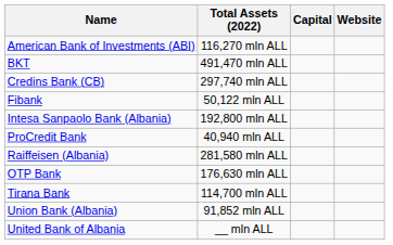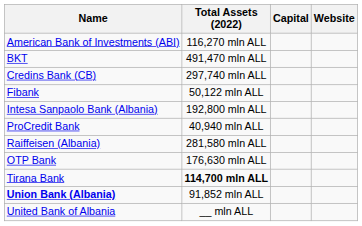 <table class="wikitable sortable">
 <tr>
 <th>Name</th>
 <th>Total Assets<br>(2022)</th>
 <th>Capital</th>
 <th>Website</th>
 </tr>
 <tr>
 <td><a href='#'>American Bank of Investments (ABI)</a></td>
 <td style="text-align:center">116,270 mln ALL</td>
 <td style="text-align:center"></td>
 <td style="text-align:center"></td>
 </tr>
 <tr>
 <td><a href='#'>BKT</a></td>
 <td style="text-align:center">491,470 mln ALL</td>
 <td style="text-align:center"></td>
 <td style="text-align:center"></td>
 </tr>
 <tr>
 <td><a href='#'>Credins Bank (CB)</a></td>
 <td style="text-align:center">297,740 mln ALL</td>
 <td style="text-align:center"></td>
 <td style="text-align:center"></td>
 </tr>
 <tr>
 <td><a href='#'>Fibank</a></td>
 <td style="text-align:center">50,122 mln ALL</td>
 <td style="text-align:center"></td>
 <td style="text-align:center"></td>
 </tr>
 <tr>
 <td><a href='#'>Intesa Sanpaolo Bank (Albania)</a></td>
 <td style="text-align:center">192,800 mln ALL</td>
 <td style="text-align:center"></td>
 <td style="text-align:center"></td>
 </tr>
 <tr>
 <td><a href='#'>ProCredit Bank</a></td>
 <td style="text-align:center">40,940 mln ALL</td>
 <td style="text-align:center"></td>
 <td style="text-align:center"></td>
 </tr>
 <tr>
 <td><a href='#'>Raiffeisen (Albania)</a></td>
 <td style="text-align:center">281,580 mln ALL</td>
 <td style="text-align:center"></td>
 <td style="text-align:center"></td>
 </tr>
 <tr>
 <td><a href='#'>OTP Bank</a></td>
 <td style="text-align:center">176,630 mln ALL</td>
 <td style="text-align:center"></td>
 <td style="text-align:center"></td>
 </tr>
 <tr>
 <td><a href='#'>Tirana Bank</a></td>
-<td style="text-align:center">114,700 mln ALL</td>
+<td style="text-align:center"><strong>114,700 mln ALL</strong></td>
 <td style="text-align:center"></td>
 <td style="text-align:center"></td>
 </tr>
 <tr>
-<td><a href='#'>Union Bank (Albania)</a></td>
+<td><strong><a href='#'>Union Bank (Albania)</a></strong></td>
 <td style="text-align:center">91,852 mln ALL</td>
 <td style="text-align:center"></td>
 <td style="text-align:center"></td>
 </tr>
 <tr>
 <td><a href='#'>United Bank of Albania</a></td>
 <td style="text-align:center">__ mln ALL</td>
 <td style="text-align:center"></td>
 <td style="text-align:center"></td>
 </tr>
 </table>
